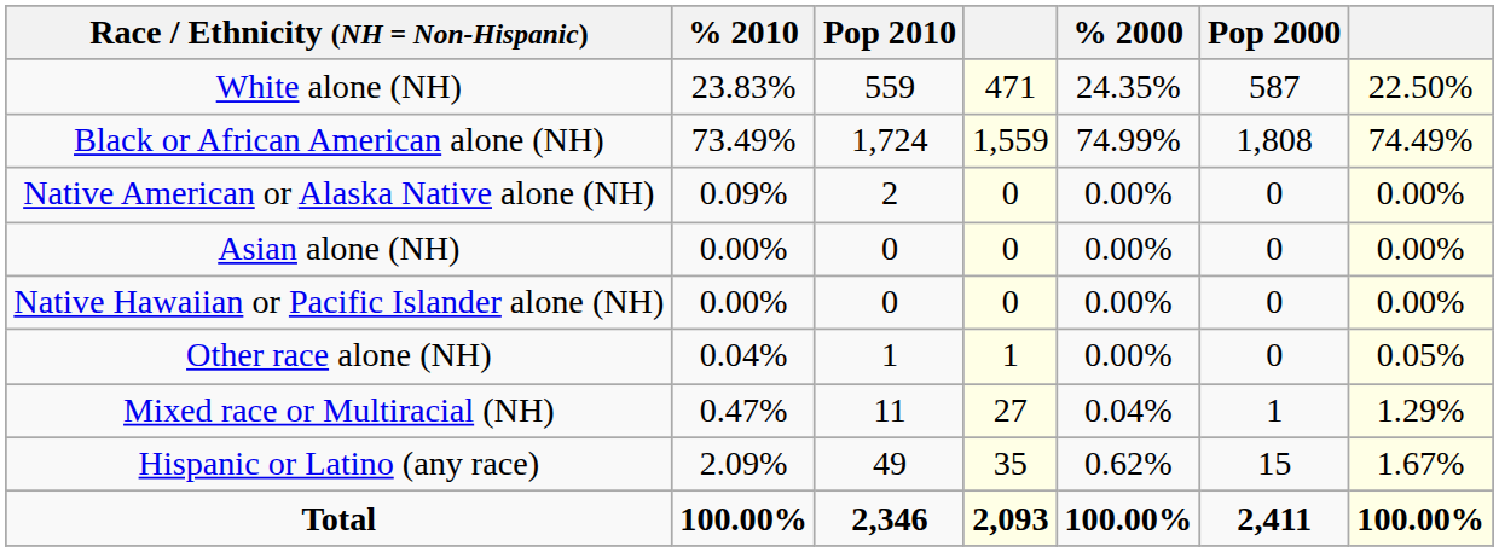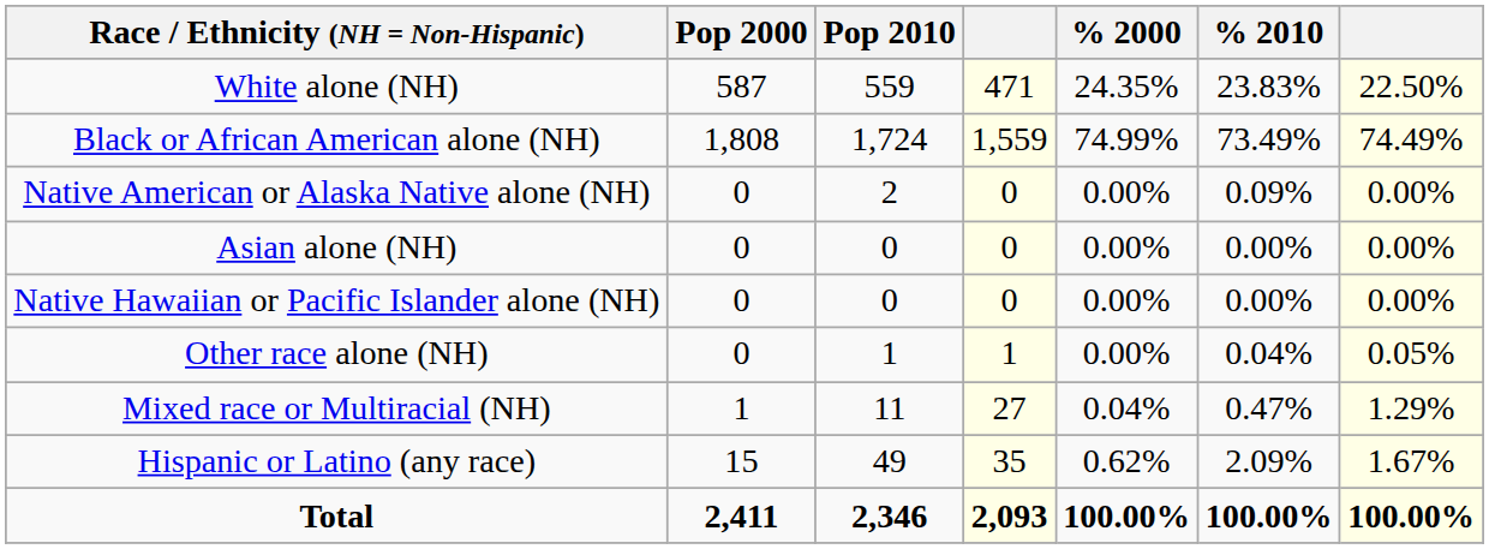 <table class="wikitable" style="text-align:center;">
 <tr>
 <th>Race / Ethnicity <small>(<em>NH = Non-Hispanic</em>)</small></th>
-<th>% 2010</th>
+<th>Pop 2000</th>
 <th>Pop 2010</th>
 <th></th>
 <th>% 2000</th>
-<th>Pop 2000</th>
+<th>% 2010</th>
 <th></th>
 </tr>
 <tr>
 <td><a href='#'>White</a> alone (NH)</td>
-<td>23.83%</td>
+<td>587</td>
 <td>559</td>
 <td style='background: #ffffe6;'>471</td>
 <td>24.35%</td>
-<td>587</td>
+<td>23.83%</td>
 <td style='background: #ffffe6;'>22.50%</td>
 </tr>
 <tr>
 <td><a href='#'>Black or African American</a> alone (NH)</td>
-<td>73.49%</td>
+<td>1,808</td>
 <td>1,724</td>
 <td style='background: #ffffe6;'>1,559</td>
 <td>74.99%</td>
-<td>1,808</td>
+<td>73.49%</td>
 <td style='background: #ffffe6;'>74.49%</td>
 </tr>
 <tr>
 <td><a href='#'>Native American</a> or <a href='#'>Alaska Native</a> alone (NH)</td>
-<td>0.09%</td>
+<td>0</td>
 <td>2</td>
 <td style='background: #ffffe6;'>0</td>
 <td>0.00%</td>
-<td>0</td>
+<td>0.09%</td>
 <td style='background: #ffffe6;'>0.00%</td>
 </tr>
 <tr>
 <td><a href='#'>Asian</a> alone (NH)</td>
-<td>0.00%</td>
+<td>0</td>
 <td>0</td>
 <td style='background: #ffffe6;'>0</td>
 <td>0.00%</td>
-<td>0</td>
+<td>0.00%</td>
 <td style='background: #ffffe6;'>0.00%</td>
 </tr>
 <tr>
 <td><a href='#'>Native Hawaiian</a> or <a href='#'>Pacific Islander</a> alone (NH)</td>
-<td>0.00%</td>
+<td>0</td>
 <td>0</td>
 <td style='background: #ffffe6;'>0</td>
 <td>0.00%</td>
-<td>0</td>
+<td>0.00%</td>
 <td style='background: #ffffe6;'>0.00%</td>
 </tr>
 <tr>
 <td><a href='#'>Other race</a> alone (NH)</td>
-<td>0.04%</td>
+<td>0</td>
 <td>1</td>
 <td style='background: #ffffe6;'>1</td>
 <td>0.00%</td>
-<td>0</td>
+<td>0.04%</td>
 <td style='background: #ffffe6;'>0.05%</td>
 </tr>
 <tr>
 <td><a href='#'>Mixed race or Multiracial</a> (NH)</td>
-<td>0.47%</td>
+<td>1</td>
 <td>11</td>
 <td style='background: #ffffe6;'>27</td>
 <td>0.04%</td>
-<td>1</td>
+<td>0.47%</td>
 <td style='background: #ffffe6;'>1.29%</td>
 </tr>
 <tr>
 <td><a href='#'>Hispanic or Latino</a> (any race)</td>
-<td>2.09%</td>
+<td>15</td>
 <td>49</td>
 <td style='background: #ffffe6;'>35</td>
 <td>0.62%</td>
-<td>15</td>
+<td>2.09%</td>
 <td style='background: #ffffe6;'>1.67%</td>
 </tr>
 <tr>
 <td><strong>Total</strong></td>
-<td><strong>100.00%</strong></td>
+<td><strong>2,411</strong></td>
 <td><strong>2,346</strong></td>
 <td style='background: #ffffe6;'><strong>2,093</strong></td>
 <td><strong>100.00%</strong></td>
-<td><strong>2,411</strong></td>
+<td><strong>100.00%</strong></td>
 <td style='background: #ffffe6;'><strong>100.00%</strong></td>
 </tr>
 </table>
